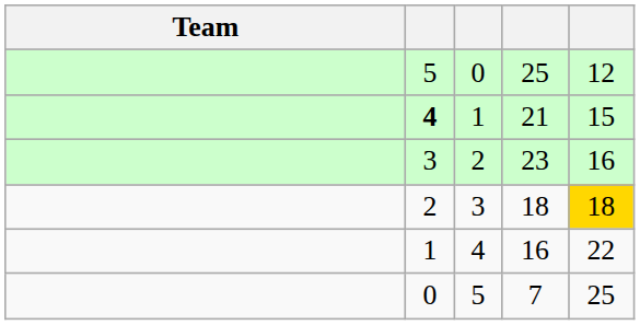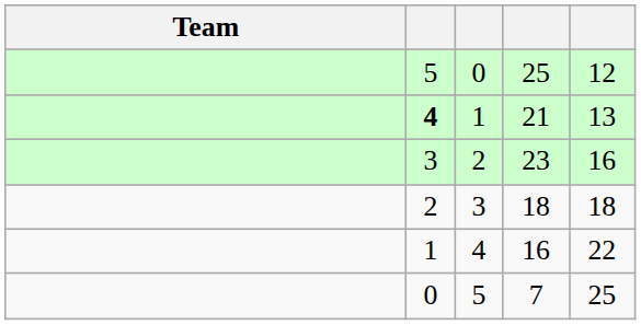 <table class="wikitable" style="text-align:center;">
 <tr>
 <th width=220>Team</th>
 <th width=20></th>
 <th width=20></th>
 <th width=30></th>
 <th width=30></th>
 </tr>
 <tr bgcolor="#ccffcc">
 <td align=left></td>
 <td>5</td>
 <td>0</td>
 <td>25</td>
 <td>12</td>
 </tr>
 <tr bgcolor="#ccffcc">
 <td align=left></td>
 <td><strong>4</strong></td>
 <td>1</td>
 <td>21</td>
-<td>15</td>
+<td>13</td>
 </tr>
 <tr bgcolor="#ccffcc">
 <td align=left></td>
 <td>3</td>
 <td>2</td>
 <td>23</td>
 <td>16</td>
 </tr>
 <tr>
 <td align=left></td>
 <td>2</td>
 <td>3</td>
 <td>18</td>
-<td style="background: gold;">18</td>
+<td>18</td>
 </tr>
 <tr>
 <td align=left></td>
 <td>1</td>
 <td>4</td>
 <td>16</td>
 <td>22</td>
 </tr>
 <tr>
 <td align=left></td>
 <td>0</td>
 <td>5</td>
 <td>7</td>
 <td>25</td>
 </tr>
 </table>
